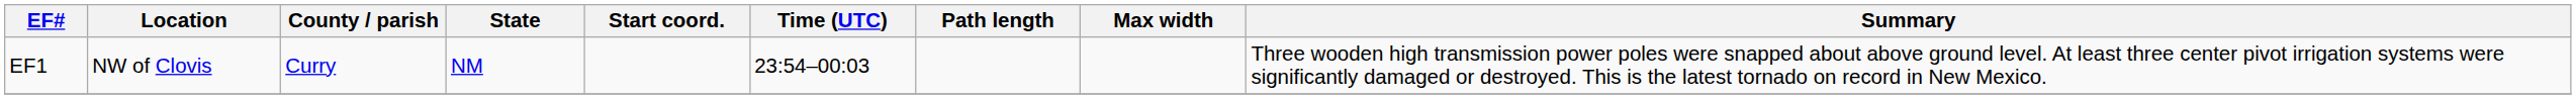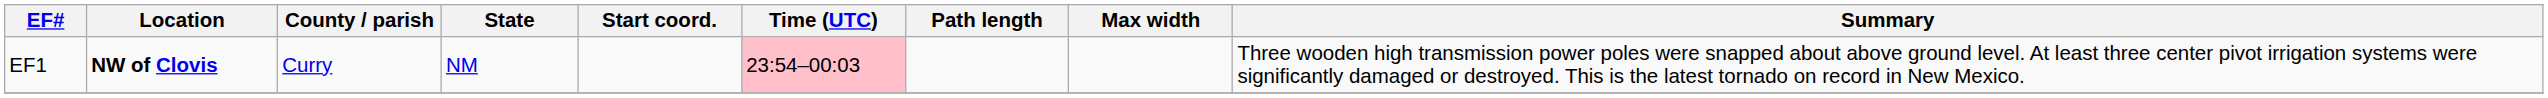 <table class="wikitable sortable" style="width:100%;">
 <tr>
 <th scope="col"  style="width:3%; text-align:center;"><a href='#'>EF#</a></th>
 <th scope="col"  style="width:7%; text-align:center;" class="unsortable">Location</th>
 <th scope="col"  style="width:6%; text-align:center;" class="unsortable">County / parish</th>
 <th scope="col"  style="width:5%; text-align:center;">State</th>
 <th scope="col"  style="width:6%; text-align:center;">Start coord.</th>
 <th scope="col"  style="width:6%; text-align:center;">Time (<a href='#'>UTC</a>)</th>
 <th scope="col"  style="width:6%; text-align:center;">Path length</th>
 <th scope="col"  style="width:6%; text-align:center;">Max width</th>
 <th scope="col" class="unsortable" style="width:48%; text-align:center;">Summary</th>
 </tr>
 <tr>
 <td bgcolor=>EF1</td>
-<td>NW of <a href='#'>Clovis</a></td>
+<td><strong>NW of <a href='#'>Clovis</a></strong></td>
 <td><a href='#'>Curry</a></td>
 <td><a href='#'>NM</a></td>
 <td></td>
-<td>23:54–00:03</td>
+<td style="background: pink;">23:54–00:03</td>
 <td></td>
 <td></td>
 <td>Three wooden high transmission power poles were snapped about  above ground level. At least three center pivot irrigation systems were significantly damaged or destroyed. This is the latest tornado on record in New Mexico.</td>
 </tr>
 <tr>
 </tr>
 </table>
